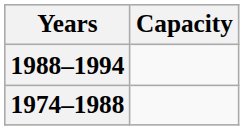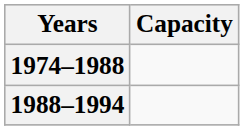 <table class="wikitable">
 <tr>
 <th>Years</th>
 <th>Capacity</th>
 </tr>
 <tr>
+<th>1974–1988</th>
+<td></td>
+</tr>
+<tr>
 <th>1988–1994</th>
 <td></td>
 </tr>
-<tr>
-<th>1974–1988</th>
-<td></td>
-</tr>
 </table>
